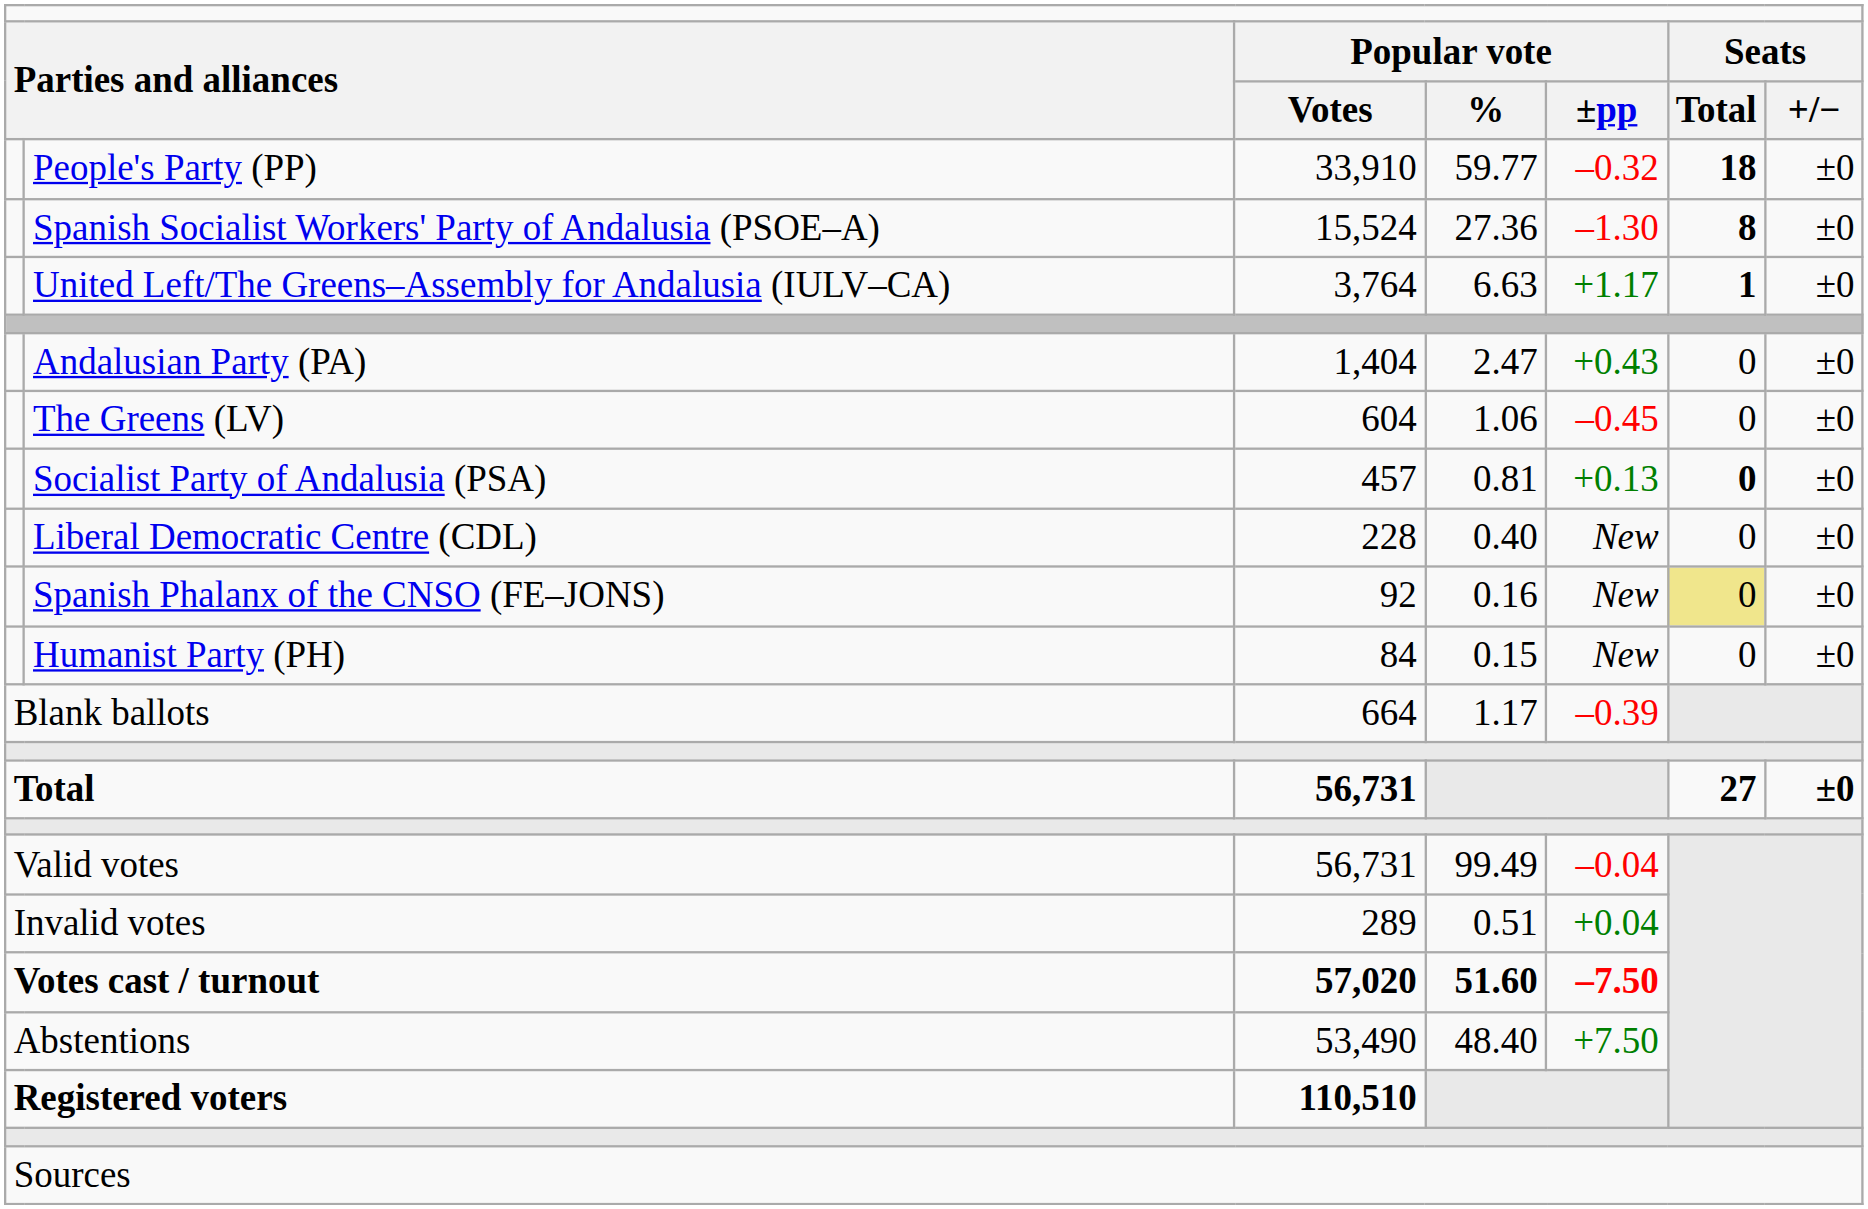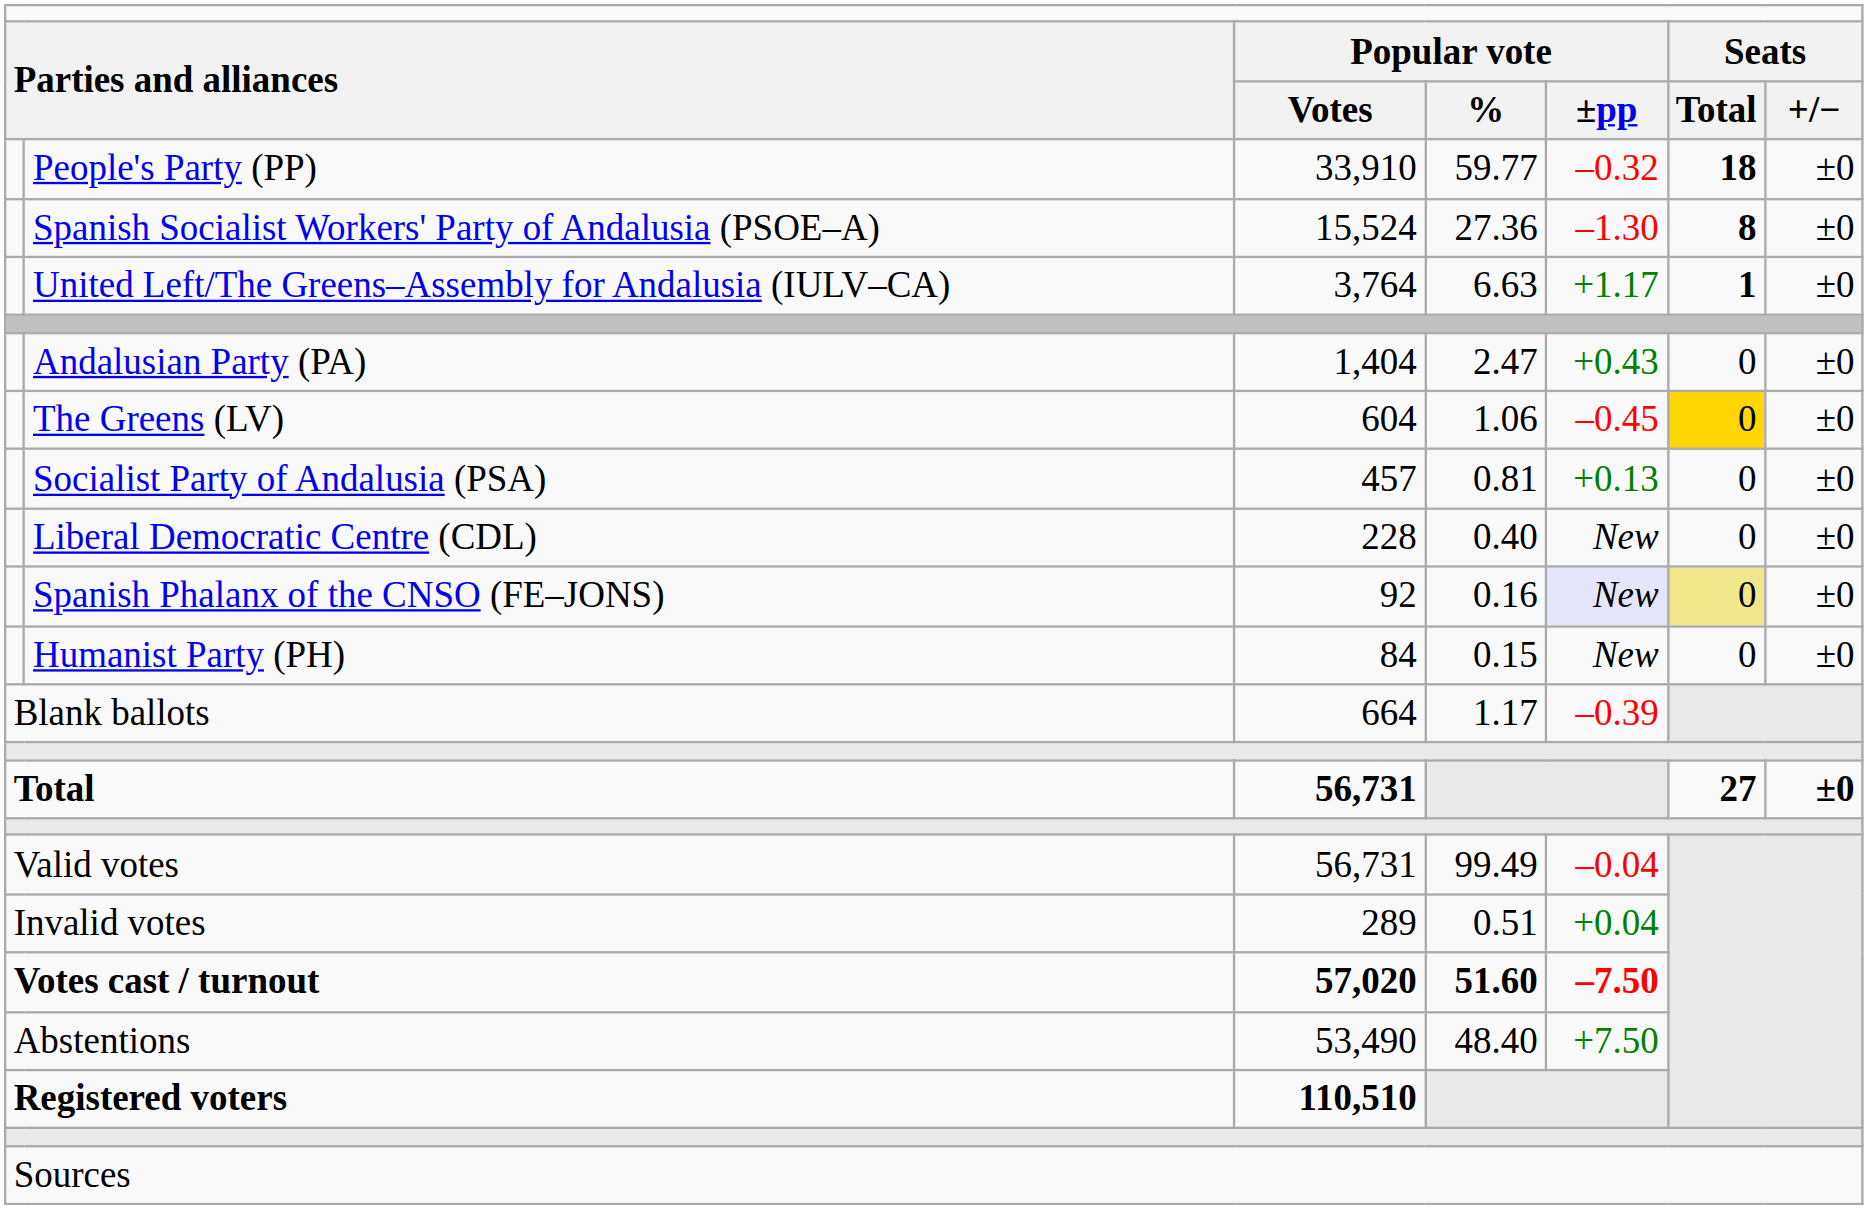 <table class="wikitable" style="text-align:right;">
 <tr>
 <td colspan="7"></td>
 </tr>
 <tr>
 <th style="text-align:left;" rowspan="2" colspan="2" width="525">Parties and alliances</th>
 <th colspan="3">Popular vote</th>
 <th colspan="2">Seats</th>
 </tr>
 <tr>
 <th width="75">Votes</th>
 <th width="45">%</th>
 <th width="45">±<a href='#'>pp</a></th>
 <th width="35">Total</th>
 <th width="35">+/−</th>
 </tr>
 <tr>
 <td width="1" style="color:inherit;background:"></td>
 <td align="left"><a href='#'>People's Party</a> (PP)</td>
 <td>33,910</td>
 <td>59.77</td>
 <td style="color:red;">–0.32</td>
 <td><strong>18</strong></td>
 <td>±0</td>
 </tr>
 <tr>
 <td style="color:inherit;background:"></td>
 <td align="left"><a href='#'>Spanish Socialist Workers' Party of Andalusia</a> (PSOE–A)</td>
 <td>15,524</td>
 <td>27.36</td>
 <td style="color:red;">–1.30</td>
 <td><strong>8</strong></td>
 <td>±0</td>
 </tr>
 <tr>
 <td style="color:inherit;background:"></td>
 <td align="left"><a href='#'>United Left/The Greens–Assembly for Andalusia</a> (IULV–CA)</td>
 <td>3,764</td>
 <td>6.63</td>
 <td style="color:green;">+1.17</td>
 <td><strong>1</strong></td>
 <td>±0</td>
 </tr>
 <tr>
 <td colspan="7" bgcolor="#C0C0C0"></td>
 </tr>
 <tr>
 <td style="color:inherit;background:"></td>
 <td align="left"><a href='#'>Andalusian Party</a> (PA)</td>
 <td>1,404</td>
 <td>2.47</td>
 <td style="color:green;">+0.43</td>
 <td>0</td>
 <td>±0</td>
 </tr>
 <tr>
 <td style="color:inherit;background:"></td>
 <td align="left"><a href='#'>The Greens</a> (LV)</td>
 <td>604</td>
 <td>1.06</td>
 <td style="color:red;">–0.45</td>
-<td>0</td>
+<td style="background: gold;">0</td>
 <td>±0</td>
 </tr>
 <tr>
 <td style="color:inherit;background:"></td>
 <td align="left"><a href='#'>Socialist Party of Andalusia</a> (PSA)</td>
 <td>457</td>
 <td>0.81</td>
 <td style="color:green;">+0.13</td>
-<td><strong>0</strong></td>
+<td>0</td>
 <td>±0</td>
 </tr>
 <tr>
 <td style="color:inherit;background:"></td>
 <td align="left"><a href='#'>Liberal Democratic Centre</a> (CDL)</td>
 <td>228</td>
 <td>0.40</td>
 <td><em>New</em></td>
 <td>0</td>
 <td>±0</td>
 </tr>
 <tr>
 <td style="color:inherit;background:"></td>
 <td align="left"><a href='#'>Spanish Phalanx of the CNSO</a> (FE–JONS)</td>
 <td>92</td>
 <td>0.16</td>
-<td><em>New</em></td>
+<td style="background: lavender;"><em>New</em></td>
 <td style="background: khaki;">0</td>
 <td>±0</td>
 </tr>
 <tr>
 <td style="color:inherit;background:"></td>
 <td align="left"><a href='#'>Humanist Party</a> (PH)</td>
 <td>84</td>
 <td>0.15</td>
 <td><em>New</em></td>
 <td>0</td>
 <td>±0</td>
 </tr>
 <tr>
 <td align="left" colspan="2">Blank ballots</td>
 <td>664</td>
 <td>1.17</td>
 <td style="color:red;">–0.39</td>
 <td bgcolor="#E9E9E9" colspan="2"></td>
 </tr>
 <tr>
 <td colspan="7" bgcolor="#E9E9E9"></td>
 </tr>
 <tr style="font-weight:bold;">
 <td align="left" colspan="2">Total</td>
 <td>56,731</td>
 <td bgcolor="#E9E9E9" colspan="2"></td>
 <td>27</td>
 <td>±0</td>
 </tr>
 <tr>
 <td colspan="7" bgcolor="#E9E9E9"></td>
 </tr>
 <tr>
 <td align="left" colspan="2">Valid votes</td>
 <td>56,731</td>
 <td>99.49</td>
 <td style="color:red;">–0.04</td>
 <td bgcolor="#E9E9E9" colspan="2" rowspan="5"></td>
 </tr>
 <tr>
 <td align="left" colspan="2">Invalid votes</td>
 <td>289</td>
 <td>0.51</td>
 <td style="color:green;">+0.04</td>
 </tr>
 <tr style="font-weight:bold;">
 <td align="left" colspan="2">Votes cast / turnout</td>
 <td>57,020</td>
 <td>51.60</td>
 <td style="color:red;">–7.50</td>
 </tr>
 <tr>
 <td align="left" colspan="2">Abstentions</td>
 <td>53,490</td>
 <td>48.40</td>
 <td style="color:green;">+7.50</td>
 </tr>
 <tr style="font-weight:bold;">
 <td align="left" colspan="2">Registered voters</td>
 <td>110,510</td>
 <td bgcolor="#E9E9E9" colspan="2"></td>
 </tr>
 <tr>
 <td colspan="7" bgcolor="#E9E9E9"></td>
 </tr>
 <tr>
 <td align="left" colspan="7">Sources</td>
 </tr>
 </table>
